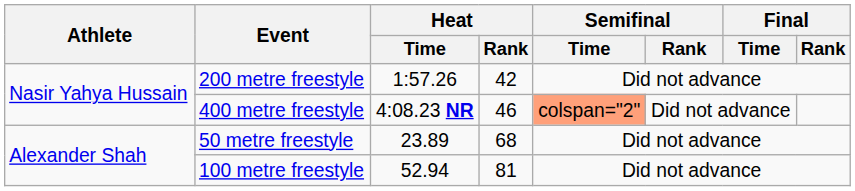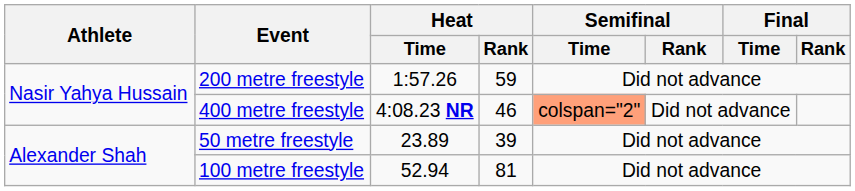 <table class="wikitable" style="text-align:center; font-size:90%; width:50%;">
 <tr>
 <th rowspan="2">Athlete</th>
 <th rowspan="2">Event</th>
 <th colspan="2">Heat</th>
 <th colspan="2">Semifinal</th>
 <th colspan="2">Final</th>
 </tr>
 <tr style="font-size:95%">
 <th>Time</th>
 <th>Rank</th>
 <th>Time</th>
 <th>Rank</th>
 <th>Time</th>
 <th>Rank</th>
 </tr>
 <tr>
 <td align=left rowspan=2><a href='#'>Nasir Yahya Hussain</a></td>
 <td align=left><a href='#'>200 metre freestyle</a></td>
 <td>1:57.26</td>
-<td>42</td>
+<td>59</td>
 <td colspan=4>Did not advance</td>
 </tr>
 <tr>
 <td align=left><a href='#'>400 metre freestyle</a></td>
 <td>4:08.23 <strong><a href='#'>NR</a></strong></td>
 <td>46</td>
 <td style="background: lightsalmon;">colspan="2" </td>
 <td colspan="2">Did not advance</td>
 </tr>
 <tr>
 <td align=left rowspan=2><a href='#'>Alexander Shah</a></td>
 <td align=left><a href='#'>50 metre freestyle</a></td>
 <td>23.89</td>
-<td>68</td>
+<td>39</td>
 <td colspan=4>Did not advance</td>
 </tr>
 <tr>
 <td align=left><a href='#'>100 metre freestyle</a></td>
 <td>52.94</td>
 <td>81</td>
 <td colspan=4>Did not advance</td>
 </tr>
 </table>
